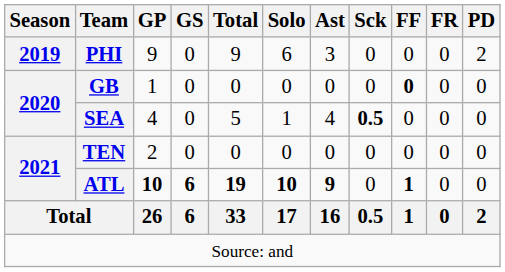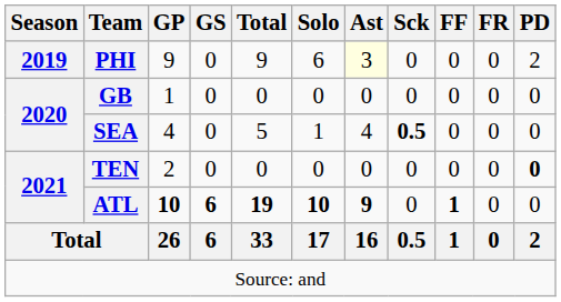 <table class=wikitable style="text-align:center;">
 <tr>
 <th>Season</th>
 <th>Team</th>
 <th>GP</th>
 <th>GS</th>
 <th>Total</th>
 <th>Solo</th>
 <th>Ast</th>
 <th>Sck</th>
 <th>FF</th>
 <th>FR</th>
 <th>PD</th>
 </tr>
 <tr>
 <th><a href='#'>2019</a></th>
 <th><a href='#'>PHI</a></th>
 <td>9</td>
 <td>0</td>
 <td>9</td>
 <td>6</td>
-<td>3</td>
+<td style="background: lightyellow;">3</td>
 <td>0</td>
 <td>0</td>
 <td>0</td>
 <td>2</td>
 </tr>
 <tr>
 <th rowspan="2"><a href='#'>2020</a></th>
 <th><a href='#'>GB</a></th>
 <td>1</td>
 <td>0</td>
 <td>0</td>
 <td>0</td>
 <td>0</td>
 <td>0</td>
-<td><strong>0</strong></td>
+<td>0</td>
 <td>0</td>
 <td>0</td>
 </tr>
 <tr>
 <th><a href='#'>SEA</a></th>
 <td>4</td>
 <td>0</td>
 <td>5</td>
 <td>1</td>
 <td>4</td>
 <td><strong>0.5</strong></td>
 <td>0</td>
 <td>0</td>
 <td>0</td>
 </tr>
 <tr>
 <th rowspan="2"><a href='#'>2021</a></th>
 <th><a href='#'>TEN</a></th>
 <td>2</td>
 <td>0</td>
 <td>0</td>
 <td>0</td>
 <td>0</td>
 <td>0</td>
 <td>0</td>
 <td>0</td>
-<td>0</td>
+<td><strong>0</strong></td>
 </tr>
 <tr>
 <th><a href='#'>ATL</a></th>
 <td><strong>10</strong></td>
 <td><strong>6</strong></td>
 <td><strong>19</strong></td>
 <td><strong>10</strong></td>
 <td><strong>9</strong></td>
 <td>0</td>
 <td><strong>1</strong></td>
 <td>0</td>
 <td>0</td>
 </tr>
 <tr>
 <th colspan="2">Total</th>
 <th>26</th>
 <th>6</th>
 <th>33</th>
 <th>17</th>
 <th>16</th>
 <th>0.5</th>
 <th>1</th>
 <th>0</th>
 <th>2</th>
 </tr>
 <tr>
 <td colspan="11"><small>Source:  and </small></td>
 </tr>
 </table>
